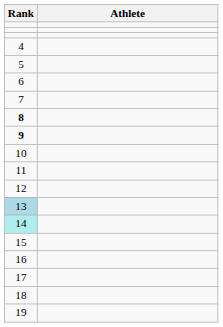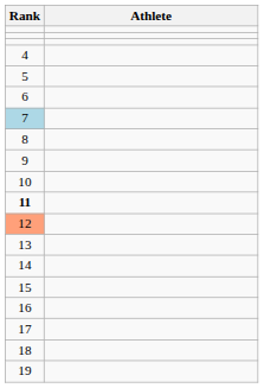 <table class="wikitable" style="text-align: center;">
 <tr>
 <th width=40>Rank</th>
 <th width=250>Athlete</th>
 </tr>
 <tr>
 <td></td>
 <td align=left></td>
 </tr>
 <tr>
 <td></td>
 <td align=left></td>
 </tr>
 <tr>
 <td></td>
 <td align=left></td>
 </tr>
 <tr>
 <td>4</td>
 <td align=left></td>
 </tr>
 <tr>
 <td>5</td>
 <td align=left></td>
 </tr>
 <tr>
 <td>6</td>
 <td align=left></td>
 </tr>
 <tr>
-<td>7</td>
+<td style="background: lightblue;">7</td>
 <td align=left></td>
 </tr>
 <tr>
-<td><strong>8</strong></td>
+<td>8</td>
 <td align=left></td>
 </tr>
 <tr>
-<td><strong>9</strong></td>
+<td>9</td>
 <td align=left></td>
 </tr>
 <tr>
 <td>10</td>
 <td align=left></td>
 </tr>
 <tr>
-<td>11</td>
+<td><strong>11</strong></td>
 <td align=left></td>
 </tr>
 <tr>
-<td>12</td>
+<td style="background: lightsalmon;">12</td>
 <td align=left></td>
 </tr>
 <tr>
-<td style="background: lightblue;">13</td>
+<td>13</td>
 <td align=left></td>
 </tr>
 <tr>
-<td style="background: paleturquoise;">14</td>
+<td>14</td>
 <td align=left></td>
 </tr>
 <tr>
 <td>15</td>
 <td align=left></td>
 </tr>
 <tr>
 <td>16</td>
 <td align=left></td>
 </tr>
 <tr>
 <td>17</td>
 <td align=left></td>
 </tr>
 <tr>
 <td>18</td>
 <td align=left></td>
 </tr>
 <tr>
 <td>19</td>
 <td align=left></td>
 </tr>
 </table>
